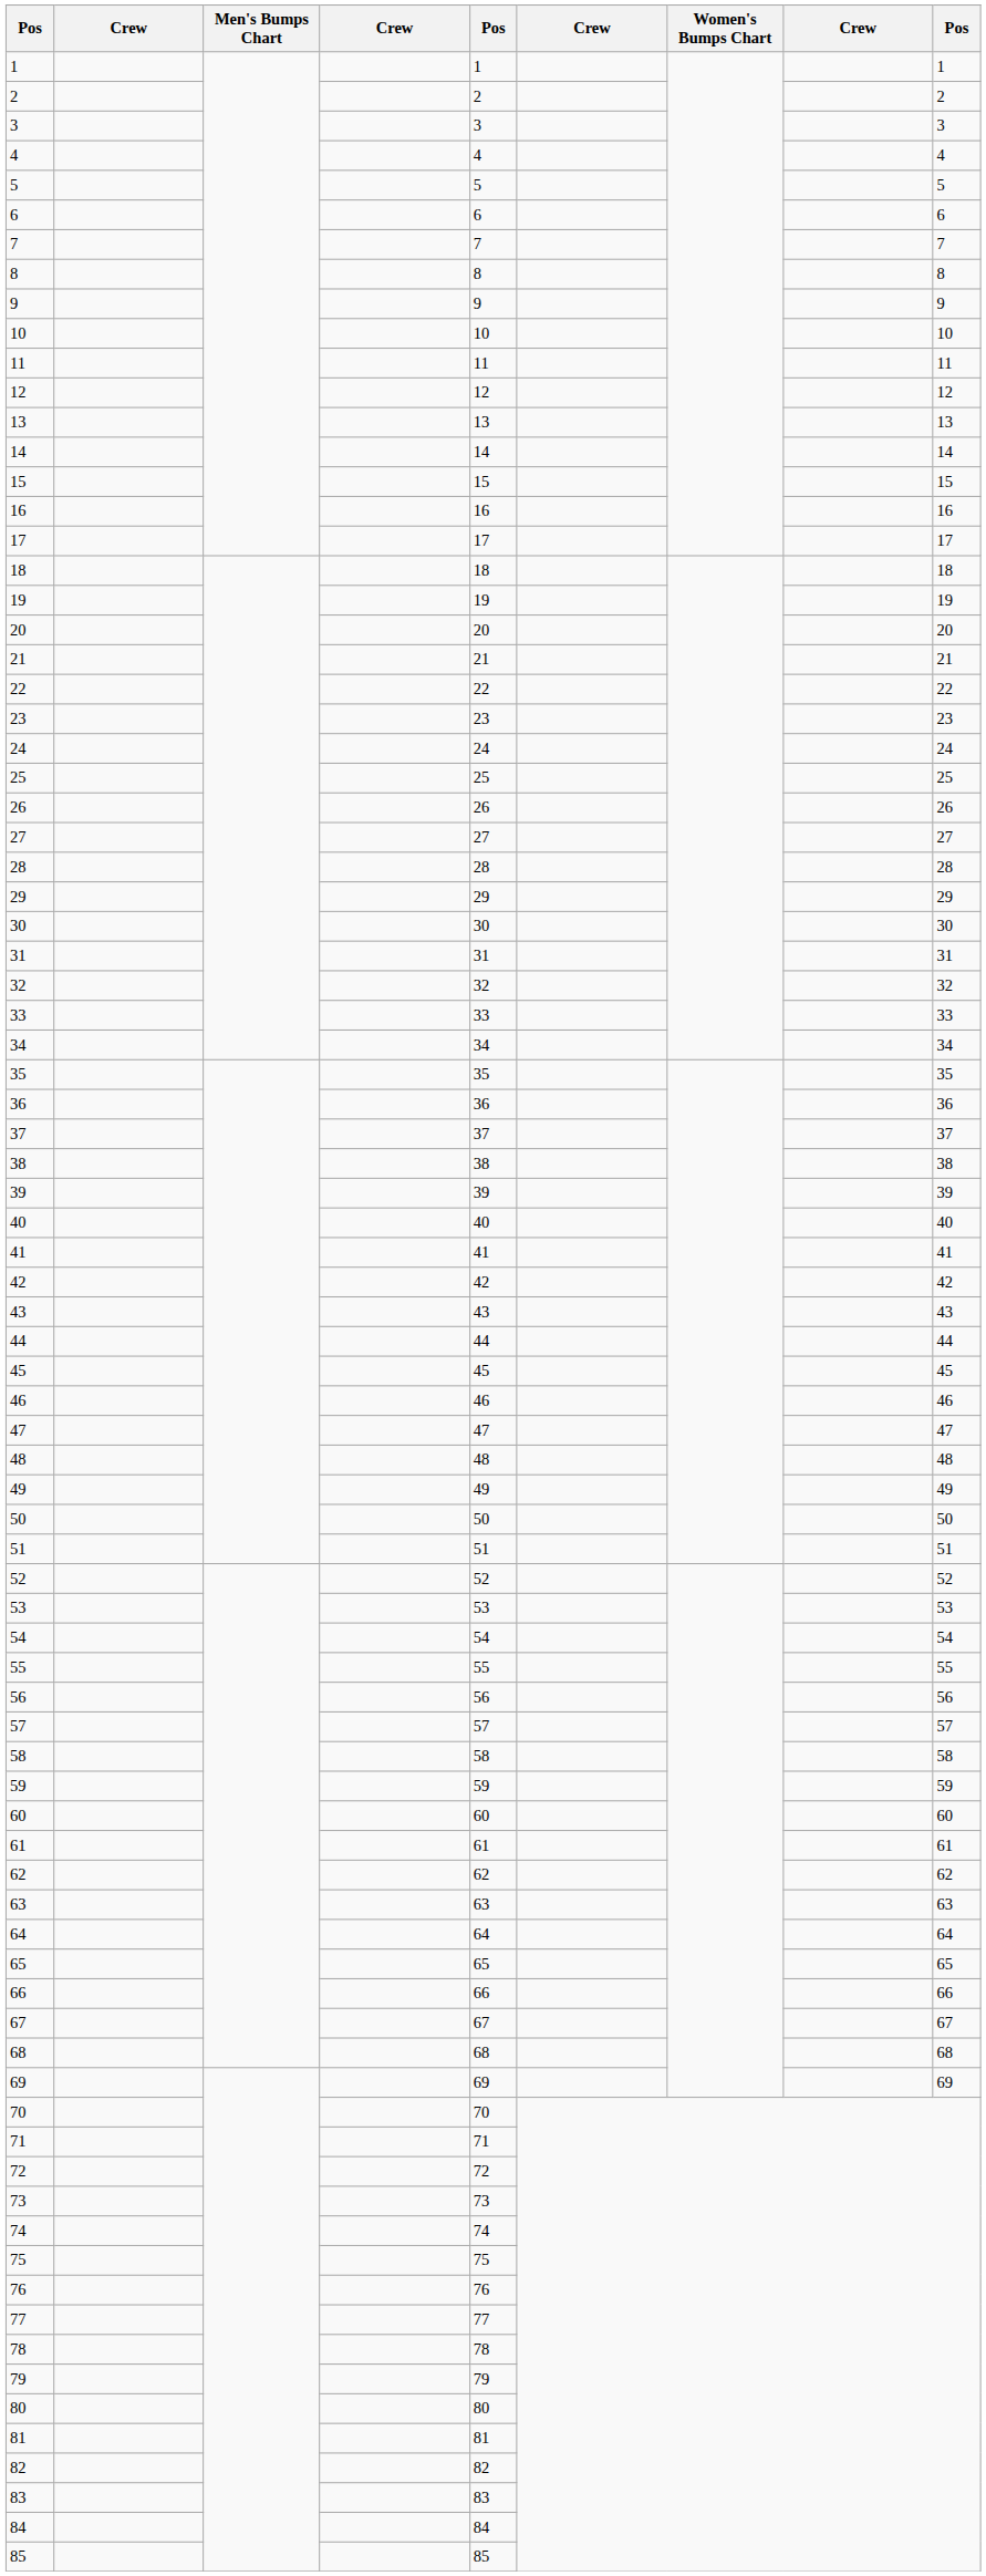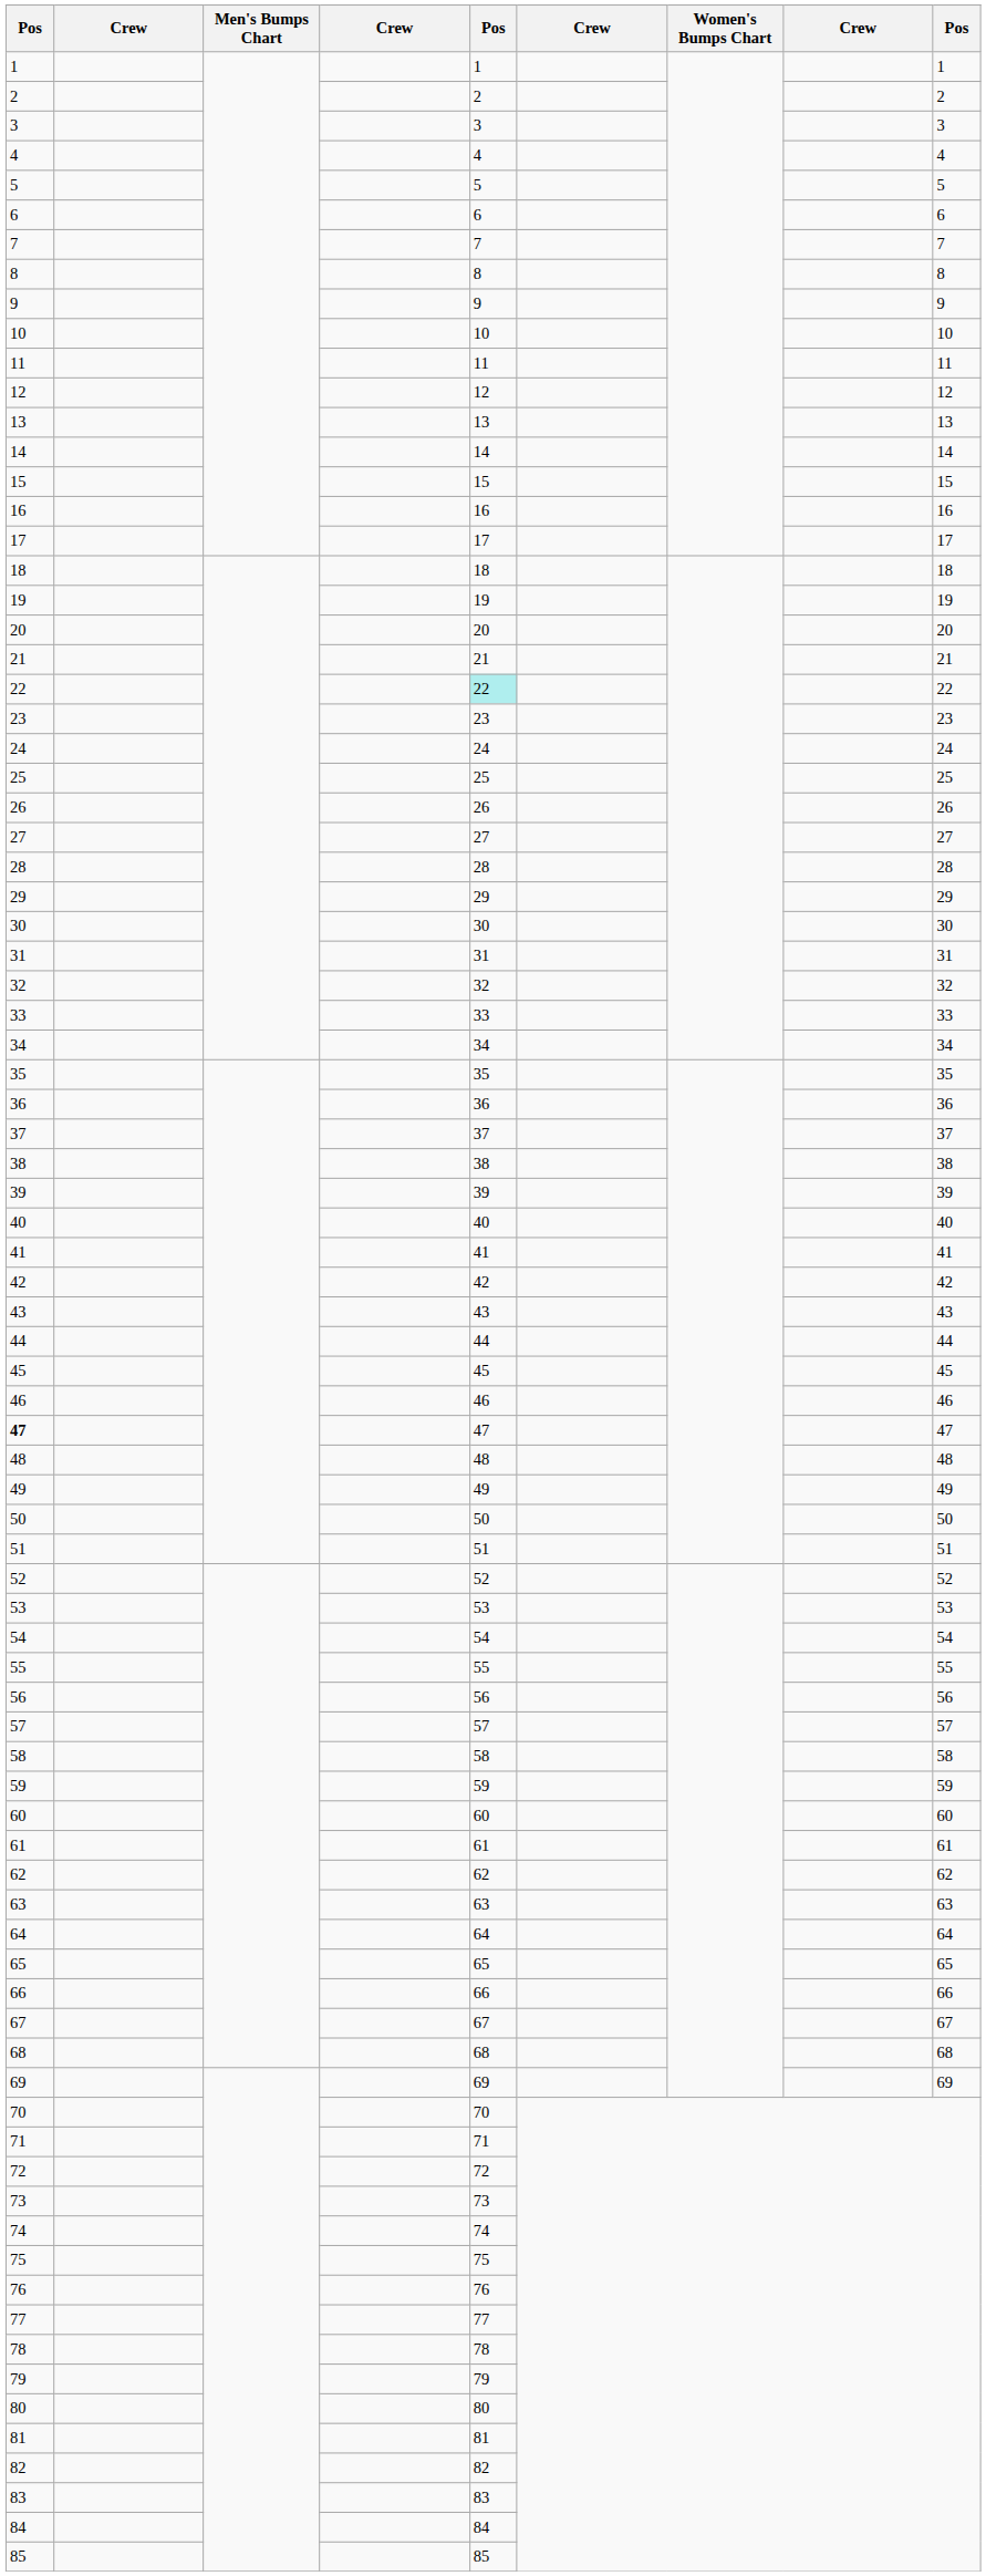 <table class="wikitable" style="font-size:88%; white-space:nowrap; margin:0.5em auto">
 <tr style="white-space:normal">
 <th width=35>Pos</th>
 <th width=125>Crew</th>
 <th width=95>Men's Bumps Chart</th>
 <th width=125>Crew</th>
 <th width=35>Pos</th>
 <th width=125>Crew</th>
 <th width=95>Women's Bumps Chart</th>
 <th width=125>Crew</th>
 <th width=35>Pos</th>
 </tr>
 <tr style="height:26px">
 <td>1</td>
 <td></td>
 <td rowspan="17" style="padding:0"></td>
 <td></td>
 <td>1</td>
 <td></td>
 <td rowspan="17" style="padding:0"><br></td>
 <td></td>
 <td>1</td>
 </tr>
 <tr style="height:26px">
 <td>2</td>
 <td></td>
 <td></td>
 <td>2</td>
 <td></td>
 <td></td>
 <td>2</td>
 </tr>
 <tr style="height:26px">
 <td>3</td>
 <td></td>
 <td></td>
 <td>3</td>
 <td></td>
 <td></td>
 <td>3</td>
 </tr>
 <tr style="height:26px">
 <td>4</td>
 <td></td>
 <td></td>
 <td>4</td>
 <td></td>
 <td></td>
 <td>4</td>
 </tr>
 <tr style="height:26px">
 <td>5</td>
 <td></td>
 <td></td>
 <td>5</td>
 <td></td>
 <td></td>
 <td>5</td>
 </tr>
 <tr style="height:26px">
 <td>6</td>
 <td></td>
 <td></td>
 <td>6</td>
 <td></td>
 <td></td>
 <td>6</td>
 </tr>
 <tr style="height:26px">
 <td>7</td>
 <td></td>
 <td></td>
 <td>7</td>
 <td></td>
 <td></td>
 <td>7</td>
 </tr>
 <tr style="height:26px">
 <td>8</td>
 <td></td>
 <td></td>
 <td>8</td>
 <td></td>
 <td></td>
 <td>8</td>
 </tr>
 <tr style="height:26px">
 <td>9</td>
 <td></td>
 <td></td>
 <td>9</td>
 <td></td>
 <td></td>
 <td>9</td>
 </tr>
 <tr style="height:26px">
 <td>10</td>
 <td></td>
 <td></td>
 <td>10</td>
 <td></td>
 <td></td>
 <td>10</td>
 </tr>
 <tr style="height:26px">
 <td>11</td>
 <td></td>
 <td></td>
 <td>11</td>
 <td></td>
 <td></td>
 <td>11</td>
 </tr>
 <tr style="height:26px">
 <td>12</td>
 <td></td>
 <td></td>
 <td>12</td>
 <td></td>
 <td></td>
 <td>12</td>
 </tr>
 <tr style="height:26px">
 <td>13</td>
 <td></td>
 <td></td>
 <td>13</td>
 <td></td>
 <td></td>
 <td>13</td>
 </tr>
 <tr style="height:26px">
 <td>14</td>
 <td></td>
 <td></td>
 <td>14</td>
 <td></td>
 <td></td>
 <td>14</td>
 </tr>
 <tr style="height:26px">
 <td>15</td>
 <td></td>
 <td></td>
 <td>15</td>
 <td></td>
 <td></td>
 <td>15</td>
 </tr>
 <tr style="height:26px">
 <td>16</td>
 <td></td>
 <td></td>
 <td>16</td>
 <td></td>
 <td></td>
 <td>16</td>
 </tr>
 <tr style="height:26px">
 <td>17</td>
 <td></td>
 <td></td>
 <td>17</td>
 <td></td>
 <td></td>
 <td>17</td>
 </tr>
 <tr style="height:26px">
 <td>18</td>
 <td></td>
 <td rowspan="17" style="padding:0"></td>
 <td></td>
 <td>18</td>
 <td></td>
 <td rowspan="17" style="padding:0"><br></td>
 <td></td>
 <td>18</td>
 </tr>
 <tr style="height:26px">
 <td>19</td>
 <td></td>
 <td></td>
 <td>19</td>
 <td></td>
 <td></td>
 <td>19</td>
 </tr>
 <tr style="height:26px">
 <td>20</td>
 <td></td>
 <td></td>
 <td>20</td>
 <td></td>
 <td></td>
 <td>20</td>
 </tr>
 <tr style="height:26px">
 <td>21</td>
 <td></td>
 <td></td>
 <td>21</td>
 <td></td>
 <td></td>
 <td>21</td>
 </tr>
 <tr style="height:26px">
 <td>22</td>
 <td></td>
 <td></td>
-<td>22</td>
+<td style="background: paleturquoise;">22</td>
 <td></td>
 <td></td>
 <td>22</td>
 </tr>
 <tr style="height:26px">
 <td>23</td>
 <td></td>
 <td></td>
 <td>23</td>
 <td></td>
 <td></td>
 <td>23</td>
 </tr>
 <tr style="height:26px">
 <td>24</td>
 <td></td>
 <td></td>
 <td>24</td>
 <td></td>
 <td></td>
 <td>24</td>
 </tr>
 <tr style="height:26px">
 <td>25</td>
 <td></td>
 <td></td>
 <td>25</td>
 <td></td>
 <td></td>
 <td>25</td>
 </tr>
 <tr style="height:26px">
 <td>26</td>
 <td></td>
 <td></td>
 <td>26</td>
 <td></td>
 <td></td>
 <td>26</td>
 </tr>
 <tr style="height:26px">
 <td>27</td>
 <td></td>
 <td></td>
 <td>27</td>
 <td></td>
 <td></td>
 <td>27</td>
 </tr>
 <tr style="height:26px">
 <td>28</td>
 <td></td>
 <td></td>
 <td>28</td>
 <td></td>
 <td></td>
 <td>28</td>
 </tr>
 <tr style="height:26px">
 <td>29</td>
 <td></td>
 <td></td>
 <td>29</td>
 <td></td>
 <td></td>
 <td>29</td>
 </tr>
 <tr style="height:26px">
 <td>30</td>
 <td></td>
 <td></td>
 <td>30</td>
 <td></td>
 <td></td>
 <td>30</td>
 </tr>
 <tr style="height:26px">
 <td>31</td>
 <td></td>
 <td></td>
 <td>31</td>
 <td></td>
 <td></td>
 <td>31</td>
 </tr>
 <tr style="height:26px">
 <td>32</td>
 <td></td>
 <td></td>
 <td>32</td>
 <td></td>
 <td></td>
 <td>32</td>
 </tr>
 <tr style="height:26px">
 <td>33</td>
 <td></td>
 <td></td>
 <td>33</td>
 <td></td>
 <td></td>
 <td>33</td>
 </tr>
 <tr style="height:26px">
 <td>34</td>
 <td></td>
 <td></td>
 <td>34</td>
 <td></td>
 <td></td>
 <td>34</td>
 </tr>
 <tr style="height:26px">
 <td>35</td>
 <td></td>
 <td rowspan="17" style="padding:0"></td>
 <td></td>
 <td>35</td>
 <td></td>
 <td rowspan="17" style="padding:0"><br></td>
 <td></td>
 <td>35</td>
 </tr>
 <tr style="height:26px">
 <td>36</td>
 <td></td>
 <td></td>
 <td>36</td>
 <td></td>
 <td></td>
 <td>36</td>
 </tr>
 <tr style="height:26px">
 <td>37</td>
 <td></td>
 <td></td>
 <td>37</td>
 <td></td>
 <td></td>
 <td>37</td>
 </tr>
 <tr style="height:26px">
 <td>38</td>
 <td></td>
 <td></td>
 <td>38</td>
 <td></td>
 <td></td>
 <td>38</td>
 </tr>
 <tr style="height:26px">
 <td>39</td>
 <td></td>
 <td></td>
 <td>39</td>
 <td></td>
 <td></td>
 <td>39</td>
 </tr>
 <tr style="height:26px">
 <td>40</td>
 <td></td>
 <td></td>
 <td>40</td>
 <td></td>
 <td></td>
 <td>40</td>
 </tr>
 <tr style="height:26px">
 <td>41</td>
 <td></td>
 <td></td>
 <td>41</td>
 <td></td>
 <td></td>
 <td>41</td>
 </tr>
 <tr style="height:26px">
 <td>42</td>
 <td></td>
 <td></td>
 <td>42</td>
 <td></td>
 <td></td>
 <td>42</td>
 </tr>
 <tr style="height:26px">
 <td>43</td>
 <td></td>
 <td></td>
 <td>43</td>
 <td></td>
 <td></td>
 <td>43</td>
 </tr>
 <tr style="height:26px">
 <td>44</td>
 <td></td>
 <td></td>
 <td>44</td>
 <td></td>
 <td></td>
 <td>44</td>
 </tr>
 <tr style="height:26px">
 <td>45</td>
 <td></td>
 <td></td>
 <td>45</td>
 <td></td>
 <td></td>
 <td>45</td>
 </tr>
 <tr style="height:26px">
 <td>46</td>
 <td></td>
 <td></td>
 <td>46</td>
 <td></td>
 <td></td>
 <td>46</td>
 </tr>
 <tr style="height:26px">
-<td>47</td>
+<td><strong>47</strong></td>
 <td></td>
 <td></td>
 <td>47</td>
 <td></td>
 <td></td>
 <td>47</td>
 </tr>
 <tr style="height:26px">
 <td>48</td>
 <td></td>
 <td></td>
 <td>48</td>
 <td></td>
 <td></td>
 <td>48</td>
 </tr>
 <tr style="height:26px">
 <td>49</td>
 <td></td>
 <td></td>
 <td>49</td>
 <td></td>
 <td></td>
 <td>49</td>
 </tr>
 <tr style="height:26px">
 <td>50</td>
 <td></td>
 <td></td>
 <td>50</td>
 <td></td>
 <td></td>
 <td>50</td>
 </tr>
 <tr style="height:26px">
 <td>51</td>
 <td></td>
 <td></td>
 <td>51</td>
 <td></td>
 <td></td>
 <td>51</td>
 </tr>
 <tr style="height:26px">
 <td>52</td>
 <td></td>
 <td rowspan="17" style="padding:0"></td>
 <td></td>
 <td>52</td>
 <td></td>
 <td rowspan="18" style="padding:0"><br></td>
 <td></td>
 <td>52</td>
 </tr>
 <tr style="height:26px">
 <td>53</td>
 <td></td>
 <td></td>
 <td>53</td>
 <td></td>
 <td></td>
 <td>53</td>
 </tr>
 <tr style="height:26px">
 <td>54</td>
 <td></td>
 <td></td>
 <td>54</td>
 <td></td>
 <td></td>
 <td>54</td>
 </tr>
 <tr style="height:26px">
 <td>55</td>
 <td></td>
 <td></td>
 <td>55</td>
 <td></td>
 <td></td>
 <td>55</td>
 </tr>
 <tr style="height:26px">
 <td>56</td>
 <td></td>
 <td></td>
 <td>56</td>
 <td></td>
 <td></td>
 <td>56</td>
 </tr>
 <tr style="height:26px">
 <td>57</td>
 <td></td>
 <td></td>
 <td>57</td>
 <td></td>
 <td></td>
 <td>57</td>
 </tr>
 <tr style="height:26px">
 <td>58</td>
 <td></td>
 <td></td>
 <td>58</td>
 <td></td>
 <td></td>
 <td>58</td>
 </tr>
 <tr style="height:26px">
 <td>59</td>
 <td></td>
 <td></td>
 <td>59</td>
 <td></td>
 <td></td>
 <td>59</td>
 </tr>
 <tr style="height:26px">
 <td>60</td>
 <td></td>
 <td></td>
 <td>60</td>
 <td></td>
 <td></td>
 <td>60</td>
 </tr>
 <tr style="height:26px">
 <td>61</td>
 <td></td>
 <td></td>
 <td>61</td>
 <td></td>
 <td></td>
 <td>61</td>
 </tr>
 <tr style="height:26px">
 <td>62</td>
 <td></td>
 <td></td>
 <td>62</td>
 <td></td>
 <td></td>
 <td>62</td>
 </tr>
 <tr style="height:26px">
 <td>63</td>
 <td></td>
 <td></td>
 <td>63</td>
 <td></td>
 <td></td>
 <td>63</td>
 </tr>
 <tr style="height:26px">
 <td>64</td>
 <td></td>
 <td></td>
 <td>64</td>
 <td></td>
 <td></td>
 <td>64</td>
 </tr>
 <tr style="height:26px">
 <td>65</td>
 <td></td>
 <td></td>
 <td>65</td>
 <td></td>
 <td></td>
 <td>65</td>
 </tr>
 <tr style="height:26px">
 <td>66</td>
 <td></td>
 <td></td>
 <td>66</td>
 <td></td>
 <td></td>
 <td>66</td>
 </tr>
 <tr style="height:26px">
 <td>67</td>
 <td></td>
 <td></td>
 <td>67</td>
 <td></td>
 <td></td>
 <td>67</td>
 </tr>
 <tr style="height:26px">
 <td>68</td>
 <td></td>
 <td></td>
 <td>68</td>
 <td></td>
 <td></td>
 <td>68</td>
 </tr>
 <tr style="height:26px">
 <td>69</td>
 <td></td>
 <td rowspan="17" style="padding:0"></td>
 <td></td>
 <td>69</td>
 <td></td>
 <td></td>
 <td>69</td>
 </tr>
 <tr style="height:26px">
 <td>70</td>
 <td></td>
 <td></td>
 <td>70</td>
 </tr>
 <tr style="height:26px">
 <td>71</td>
 <td></td>
 <td></td>
 <td>71</td>
 </tr>
 <tr style="height:26px">
 <td>72</td>
 <td></td>
 <td></td>
 <td>72</td>
 </tr>
 <tr style="height:26px">
 <td>73</td>
 <td></td>
 <td></td>
 <td>73</td>
 </tr>
 <tr style="height:26px">
 <td>74</td>
 <td></td>
 <td></td>
 <td>74</td>
 </tr>
 <tr style="height:26px">
 <td>75</td>
 <td></td>
 <td></td>
 <td>75</td>
 </tr>
 <tr style="height:26px">
 <td>76</td>
 <td></td>
 <td></td>
 <td>76</td>
 </tr>
 <tr style="height:26px">
 <td>77</td>
 <td></td>
 <td></td>
 <td>77</td>
 </tr>
 <tr style="height:26px">
 <td>78</td>
 <td></td>
 <td></td>
 <td>78</td>
 </tr>
 <tr style="height:26px">
 <td>79</td>
 <td></td>
 <td></td>
 <td>79</td>
 </tr>
 <tr style="height:26px">
 <td>80</td>
 <td></td>
 <td></td>
 <td>80</td>
 </tr>
 <tr style="height:26px">
 <td>81</td>
 <td></td>
 <td></td>
 <td>81</td>
 </tr>
 <tr style="height:26px">
 <td>82</td>
 <td></td>
 <td></td>
 <td>82</td>
 </tr>
 <tr style="height:26px">
 <td>83</td>
 <td></td>
 <td></td>
 <td>83</td>
 </tr>
 <tr style="height:26px">
 <td>84</td>
 <td></td>
 <td></td>
 <td>84</td>
 </tr>
 <tr style="height:26px">
 <td>85</td>
 <td></td>
 <td></td>
 <td>85</td>
 </tr>
 <tr>
 </tr>
 </table>
